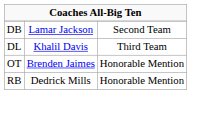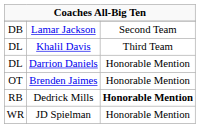 <table class="wikitable sortable" style="text-align:center">
 <tr>
 <td colspan="3"><strong>Coaches All-Big Ten</strong></td>
 </tr>
 <tr>
 </tr>
 <tr style="text-align:center;">
 <td style="background:white">DB</td>
 <td style="background:white"><a href='#'>Lamar Jackson</a></td>
 <td style="background:white">Second Team</td>
 </tr>
 <tr style="text-align:center;">
 <td style="background:white">DL</td>
 <td style="background:white"><a href='#'>Khalil Davis</a></td>
 <td style="background:white">Third Team</td>
 </tr>
 <tr style="text-align:center;">
+<td style="background:white">DL</td>
+<td style="background:white"><a href='#'>Darrion Daniels</a></td>
+<td style="background:white">Honorable Mention</td>
+</tr>
+<tr style="text-align:center;">
 <td style="background:white">OT</td>
 <td style="background:white"><a href='#'>Brenden Jaimes</a></td>
 <td style="background:white">Honorable Mention</td>
 </tr>
 <tr style="text-align:center;">
 <td style="background:white">RB</td>
 <td style="background:white">Dedrick Mills</td>
+<td style="background:white"><strong>Honorable Mention</strong></td>
+</tr>
+<tr style="text-align:center;">
+<td style="background:white">WR</td>
+<td style="background:white">JD Spielman</td>
 <td style="background:white">Honorable Mention</td>
 </tr>
 </table>
